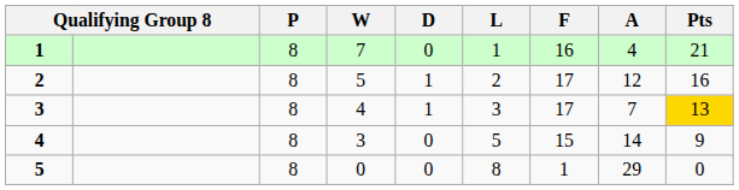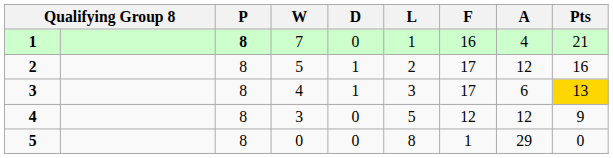 <table class="wikitable">
 <tr>
 <th colspan="2">Qualifying Group 8</th>
 <th rowspan="1" width="50">P</th>
 <th rowspan="1" width="50">W</th>
 <th colspan="1" width="50">D</th>
 <th colspan="1" width="50">L</th>
 <th colspan="1" width="50">F</th>
 <th colspan="1" width="50">A</th>
 <th colspan="1" width="50">Pts</th>
 </tr>
 <tr style="background:#ccffcc;" align=center>
 <td width="50"><strong>1</strong></td>
 <td align=left width="150"><strong></strong></td>
-<td>8</td>
+<td><strong>8</strong></td>
 <td>7</td>
 <td>0</td>
 <td>1</td>
 <td>16</td>
 <td>4</td>
 <td>21</td>
 </tr>
 <tr align=center>
 <td><strong>2</strong></td>
 <td align=left></td>
 <td>8</td>
 <td>5</td>
 <td>1</td>
 <td>2</td>
 <td>17</td>
 <td>12</td>
 <td>16</td>
 </tr>
 <tr align=center>
 <td><strong>3</strong></td>
 <td align=left></td>
 <td>8</td>
 <td>4</td>
 <td>1</td>
 <td>3</td>
 <td>17</td>
-<td>7</td>
+<td>6</td>
 <td style="background: gold;">13</td>
 </tr>
 <tr align=center>
 <td><strong>4</strong></td>
 <td align=left></td>
 <td>8</td>
 <td>3</td>
 <td>0</td>
 <td>5</td>
-<td>15</td>
-<td>14</td>
+<td>12</td>
+<td>12</td>
 <td>9</td>
 </tr>
 <tr align=center>
 <td><strong>5</strong></td>
 <td align=left></td>
 <td>8</td>
 <td>0</td>
 <td>0</td>
 <td>8</td>
 <td>1</td>
 <td>29</td>
 <td>0</td>
 </tr>
 </table>
